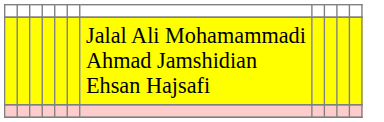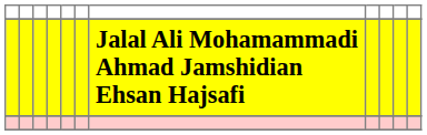 <table class="toccolours" border="1" cellpadding="4" cellspacing="0" style="border-collapse: collapse; margin:0;">
 <tr>
 <th></th>
 <th></th>
 <th></th>
 <th></th>
 <th></th>
 <th></th>
 <th></th>
 <th></th>
 <th></th>
 <th></th>
 <th></th>
 </tr>
 <tr>
 </tr>
 <tr style="background:#FFFF00;">
 <td></td>
 <td></td>
 <td></td>
 <td></td>
 <td></td>
 <td></td>
-<td><div> Jalal Ali Mohamammadi  <br> Ahmad Jamshidian   <br> Ehsan Hajsafi  </div></td>
+<td><strong><div> Jalal Ali Mohamammadi  <br> Ahmad Jamshidian   <br> Ehsan Hajsafi  </div></strong></td>
 <td></td>
 <td></td>
 <td></td>
 <td></td>
 </tr>
 <tr>
 </tr>
 <tr style="background:#FFCCCC;">
 <td></td>
 <td></td>
 <td></td>
 <td></td>
 <td></td>
 <td></td>
 <td></td>
 <td></td>
 <td></td>
 <td></td>
 <td></td>
 </tr>
 <tr>
 </tr>
 </table>
